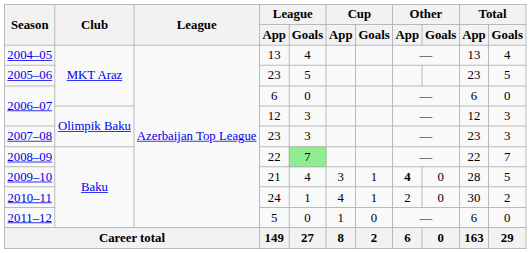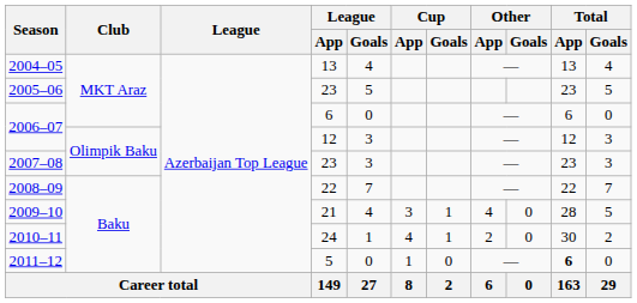 <table class="wikitable">
 <tr>
 <th rowspan=2>Season</th>
 <th ! rowspan=2>Club</th>
 <th ! rowspan=2>League</th>
 <th ! colspan=2>League</th>
 <th ! colspan=2>Cup</th>
 <th ! colspan=2>Other</th>
 <th colspan=3>Total</th>
 </tr>
 <tr>
 <th>App</th>
 <th>Goals</th>
 <th>App</th>
 <th>Goals</th>
 <th>App</th>
 <th>Goals</th>
 <th>App</th>
 <th>Goals</th>
 </tr>
 <tr align=center>
 <td><a href='#'>2004–05</a></td>
 <td rowspan="3"><a href='#'>MKT Araz</a></td>
 <td rowspan="9"><a href='#'>Azerbaijan Top League</a></td>
 <td>13</td>
 <td>4</td>
 <td></td>
 <td></td>
 <td colspan="2">—</td>
 <td>13</td>
 <td>4</td>
 </tr>
 <tr align=center>
 <td><a href='#'>2005–06</a></td>
 <td>23</td>
 <td>5</td>
 <td></td>
 <td></td>
 <td></td>
 <td></td>
 <td>23</td>
 <td>5</td>
 </tr>
 <tr align=center>
 <td rowspan="2"><a href='#'>2006–07</a></td>
 <td>6</td>
 <td>0</td>
 <td></td>
 <td></td>
 <td colspan="2">—</td>
 <td>6</td>
 <td>0</td>
 </tr>
 <tr align=center>
 <td rowspan="2"><a href='#'>Olimpik Baku</a></td>
 <td>12</td>
 <td>3</td>
 <td></td>
 <td></td>
 <td colspan="2">—</td>
 <td>12</td>
 <td>3</td>
 </tr>
 <tr align=center>
 <td><a href='#'>2007–08</a></td>
 <td>23</td>
 <td>3</td>
 <td></td>
 <td></td>
 <td colspan="2">—</td>
 <td>23</td>
 <td>3</td>
 </tr>
 <tr align=center>
 <td><a href='#'>2008–09</a></td>
 <td rowspan="4"><a href='#'>Baku</a></td>
 <td>22</td>
-<td style="background: lightgreen;">7</td>
+<td>7</td>
 <td></td>
 <td></td>
 <td colspan="2">—</td>
 <td>22</td>
 <td>7</td>
 </tr>
 <tr align=center>
 <td><a href='#'>2009–10</a></td>
 <td>21</td>
 <td>4</td>
 <td>3</td>
 <td>1</td>
-<td><strong>4</strong></td>
+<td>4</td>
 <td>0</td>
 <td>28</td>
 <td>5</td>
 </tr>
 <tr align=center>
 <td><a href='#'>2010–11</a></td>
 <td>24</td>
 <td>1</td>
 <td>4</td>
 <td>1</td>
 <td>2</td>
 <td>0</td>
 <td>30</td>
 <td>2</td>
 </tr>
 <tr align=center>
 <td><a href='#'>2011–12</a></td>
 <td>5</td>
 <td>0</td>
 <td>1</td>
 <td>0</td>
 <td colspan="2">—</td>
-<td>6</td>
+<td><strong>6</strong></td>
 <td>0</td>
 </tr>
 <tr>
 <th colspan=3>Career total</th>
 <th>149</th>
 <th>27</th>
 <th>8</th>
 <th>2</th>
 <th>6</th>
 <th>0</th>
 <th>163</th>
 <th>29</th>
 </tr>
 </table>
